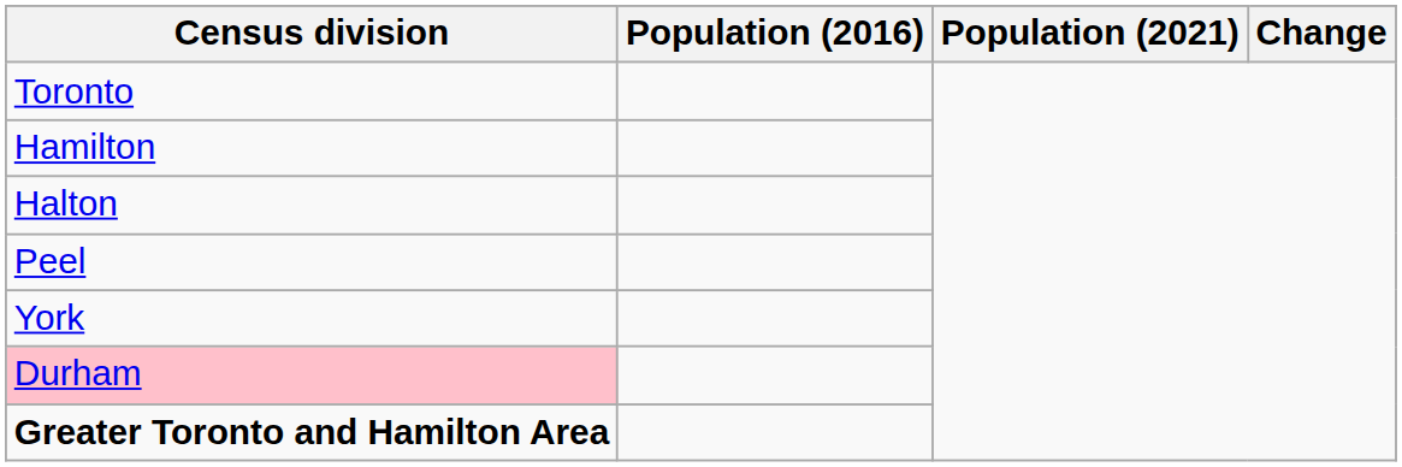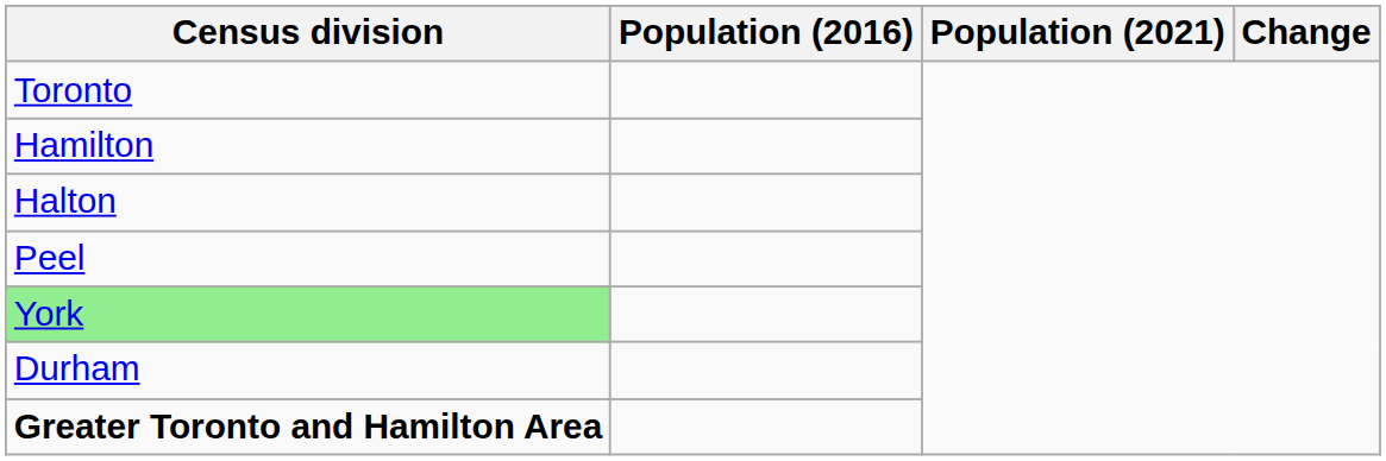 <table class="wikitable sortable">
 <tr>
 <th>Census division</th>
 <th>Population (2016)</th>
 <th>Population (2021)</th>
 <th>Change</th>
 </tr>
 <tr>
 <td><a href='#'>Toronto</a></td>
 <td></td>
 </tr>
 <tr>
 <td><a href='#'>Hamilton</a></td>
 <td></td>
 </tr>
 <tr>
 <td><a href='#'>Halton</a></td>
 <td></td>
 </tr>
 <tr>
 <td><a href='#'>Peel</a></td>
 <td></td>
 </tr>
 <tr>
-<td><a href='#'>York</a></td>
+<td style="background: lightgreen;"><a href='#'>York</a></td>
 <td></td>
 </tr>
 <tr>
-<td style="background: pink;"><a href='#'>Durham</a></td>
+<td><a href='#'>Durham</a></td>
 <td></td>
 </tr>
 <tr>
 <td><strong>Greater Toronto and Hamilton Area</strong></td>
 <td></td>
 </tr>
 </table>
